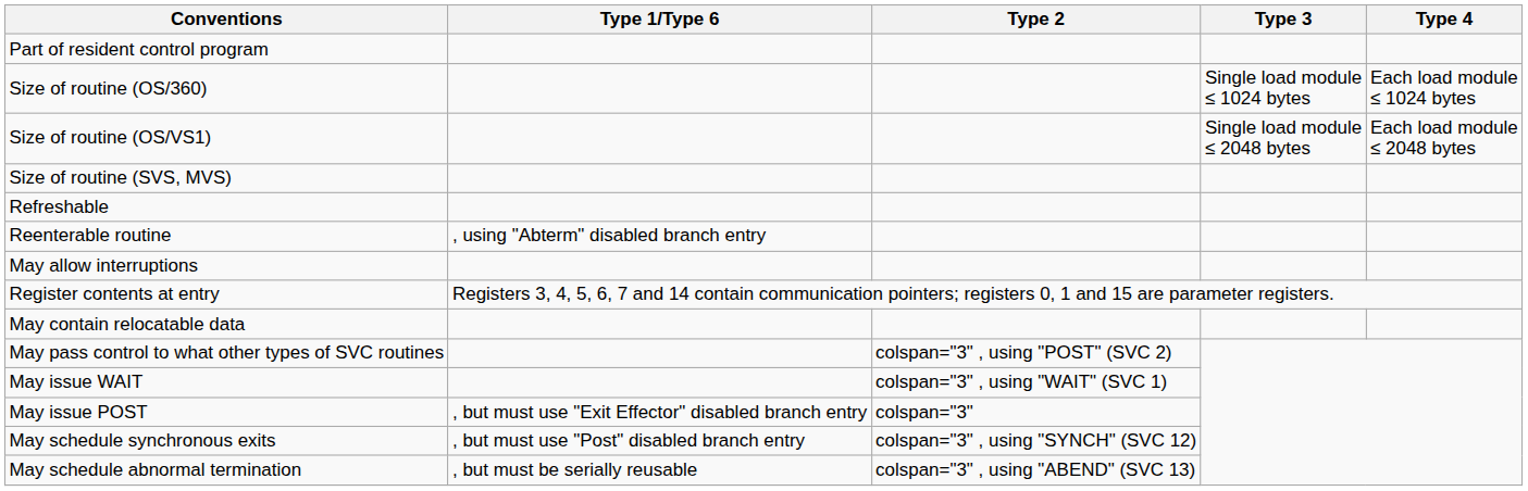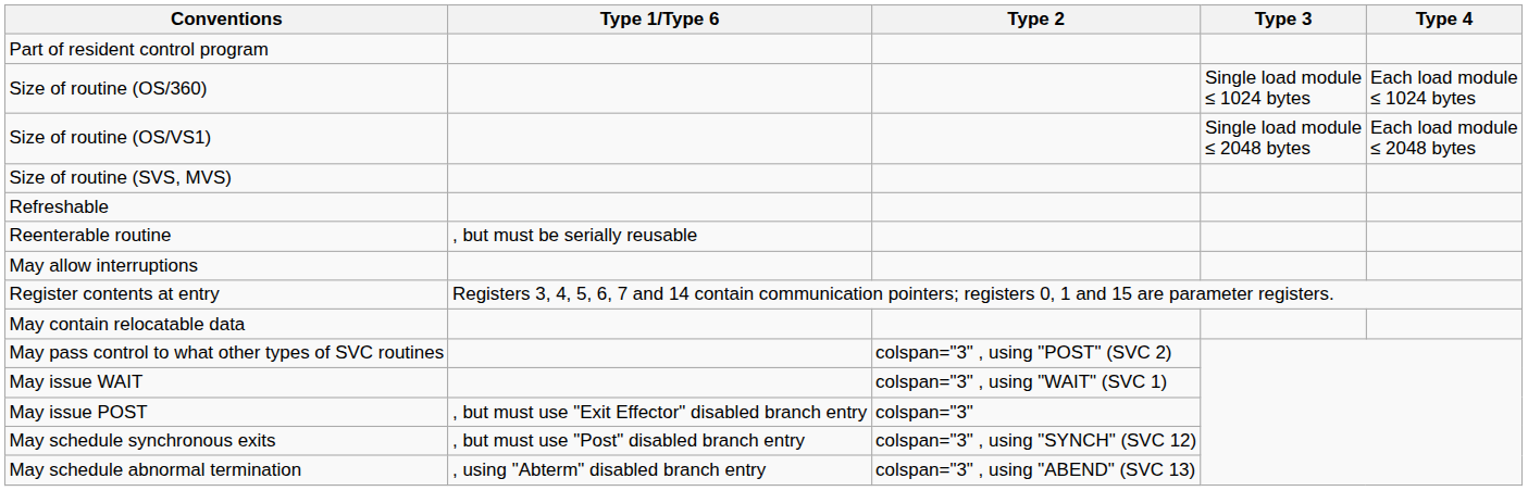 <table class="wikitable">
 <tr>
 <th>Conventions</th>
 <th>Type 1/Type 6</th>
 <th>Type 2</th>
 <th>Type 3</th>
 <th>Type 4</th>
 </tr>
 <tr>
 <td>Part of resident control program</td>
 <td></td>
 <td></td>
 <td></td>
 <td></td>
 </tr>
 <tr>
 <td>Size of routine (OS/360)</td>
 <td></td>
 <td></td>
 <td>Single load module<br>≤ 1024 bytes</td>
 <td>Each load module<br>≤ 1024 bytes</td>
 </tr>
 <tr>
 <td>Size of routine (OS/VS1)</td>
 <td></td>
 <td></td>
 <td>Single load module<br>≤ 2048 bytes</td>
 <td>Each load module<br>≤ 2048 bytes</td>
 </tr>
 <tr>
 <td>Size of routine (SVS, MVS)</td>
 <td></td>
 <td></td>
 <td></td>
 <td></td>
 </tr>
 <tr>
 <td>Refreshable</td>
 <td></td>
 <td></td>
 <td></td>
 <td></td>
 </tr>
 <tr>
 <td>Reenterable routine</td>
-<td>, using "Abterm" disabled branch entry</td>
+<td>, but must be serially reusable</td>
 <td></td>
 <td></td>
 <td></td>
 </tr>
 <tr>
 <td>May allow interruptions</td>
 <td></td>
 <td></td>
 <td></td>
 <td></td>
 </tr>
 <tr>
 <td>Register contents at entry</td>
 <td colspan="4">Registers 3, 4, 5, 6, 7 and 14 contain communication pointers; registers 0, 1 and 15 are parameter registers.</td>
 </tr>
 <tr>
 <td>May contain relocatable data</td>
 <td></td>
 <td></td>
 <td></td>
 <td></td>
 </tr>
 <tr>
 <td>May pass control to what other types of SVC routines</td>
 <td></td>
 <td>colspan="3" , using "POST" (SVC 2)</td>
 </tr>
 <tr>
 <td>May issue WAIT</td>
 <td></td>
 <td>colspan="3" , using "WAIT" (SVC 1)</td>
 </tr>
 <tr>
 <td>May issue POST</td>
 <td>, but must use "Exit Effector" disabled branch entry</td>
 <td>colspan="3" </td>
 </tr>
 <tr>
 <td>May schedule synchronous exits</td>
 <td>, but must use "Post" disabled branch entry</td>
 <td>colspan="3" , using "SYNCH" (SVC 12)</td>
 </tr>
 <tr>
 <td>May schedule abnormal termination</td>
-<td>, but must be serially reusable</td>
+<td>, using "Abterm" disabled branch entry</td>
 <td>colspan="3" , using "ABEND" (SVC 13)</td>
 </tr>
 <tr>
 </tr>
 </table>
